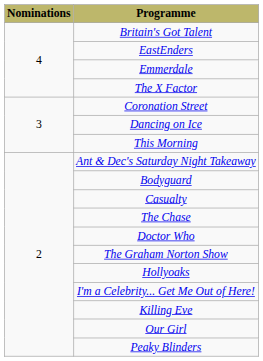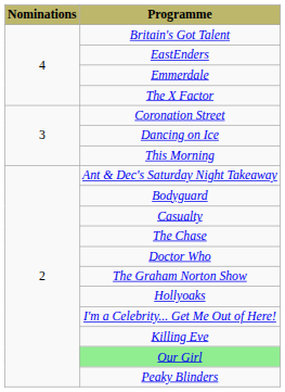 <table class="wikitable" style="text-align:center;">
 <tr>
 <th style="background:#BDB76B;">Nominations</th>
 <th style="background:#BDB76B;">Programme</th>
 </tr>
 <tr>
 <td rowspan="4">4</td>
 <td><em><a href='#'>Britain's Got Talent</a></em></td>
 </tr>
 <tr>
 <td><em><a href='#'>EastEnders</a></em></td>
 </tr>
 <tr>
 <td><em><a href='#'>Emmerdale</a></em></td>
 </tr>
 <tr>
 <td><em><a href='#'>The X Factor</a></em></td>
 </tr>
 <tr>
 <td rowspan="3">3</td>
 <td><em><a href='#'>Coronation Street</a></em></td>
 </tr>
 <tr>
 <td><em><a href='#'>Dancing on Ice</a></em></td>
 </tr>
 <tr>
 <td><em><a href='#'>This Morning</a></em></td>
 </tr>
 <tr>
 <td rowspan="11">2</td>
 <td><em><a href='#'>Ant & Dec's Saturday Night Takeaway</a></em></td>
 </tr>
 <tr>
 <td><em><a href='#'>Bodyguard</a></em></td>
 </tr>
 <tr>
 <td><em><a href='#'>Casualty</a></em></td>
 </tr>
 <tr>
 <td><em><a href='#'>The Chase</a></em></td>
 </tr>
 <tr>
 <td><em><a href='#'>Doctor Who</a></em></td>
 </tr>
 <tr>
 <td><em><a href='#'>The Graham Norton Show</a></em></td>
 </tr>
 <tr>
 <td><em><a href='#'>Hollyoaks</a></em></td>
 </tr>
 <tr>
 <td><em><a href='#'>I'm a Celebrity... Get Me Out of Here!</a></em></td>
 </tr>
 <tr>
 <td><em><a href='#'>Killing Eve</a></em></td>
 </tr>
 <tr>
-<td><em><a href='#'>Our Girl</a></em></td>
+<td style="background: lightgreen;"><em><a href='#'>Our Girl</a></em></td>
 </tr>
 <tr>
 <td><em><a href='#'>Peaky Blinders</a></em></td>
 </tr>
 </table>
